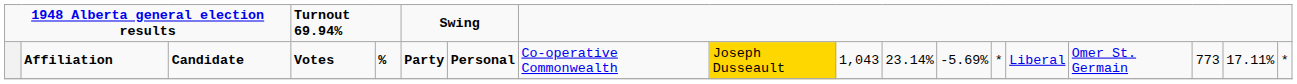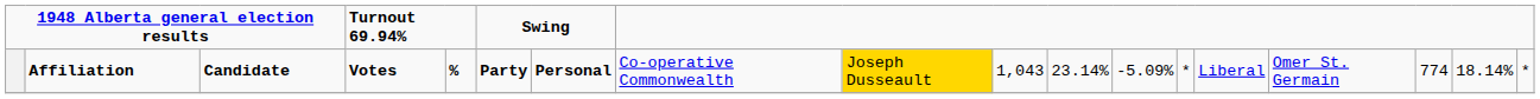 <table class="wikitable">
 <tr>
 <td colspan="3" align=center><strong><a href='#'>1948 Alberta general election</a> results</strong></td>
 <td colspan="2"><strong>Turnout 69.94%</strong></td>
 <td colspan="2" align=center><strong>Swing</strong></td>
 </tr>
 <tr>
 <th style="width: 10px;"></th>
 <td><strong>Affiliation</strong></td>
 <td><strong>Candidate</strong></td>
 <td><strong>Votes</strong></td>
 <td><strong>%</strong></td>
 <td><strong>Party</strong></td>
 <td><strong>Personal</strong><br> </td>
 <td><a href='#'>Co-operative Commonwealth</a></td>
 <td style="background: gold;">Joseph Dusseault</td>
 <td>1,043</td>
 <td>23.14%</td>
-<td>-5.69%</td>
+<td>-5.09%</td>
 <td align=center>*<br></td>
 <td><a href='#'>Liberal</a></td>
 <td><a href='#'>Omer St. Germain</a></td>
-<td>773</td>
-<td>17.11%</td>
+<td>774</td>
+<td>18.14%</td>
 <td colspan=2 align=center>*<br>   </td>
 </tr>
 <tr>
 </tr>
 </table>
